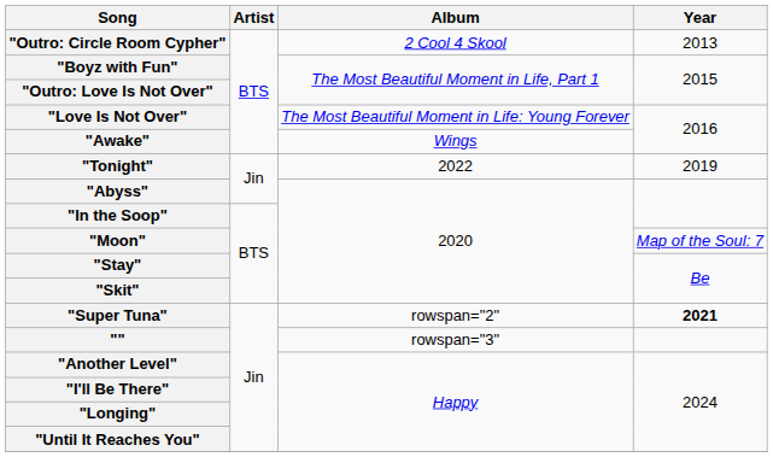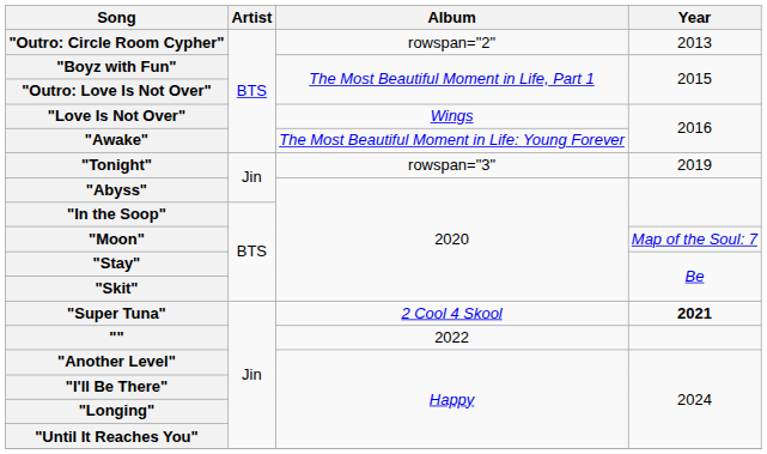 <table class="wikitable plainrowheaders sortable" style="text-align:center;">
 <tr>
 <th scope="col">Song</th>
 <th scope="col">Artist</th>
 <th scope="col">Album</th>
 <th scope="col">Year</th>
 </tr>
 <tr>
 <th scope="row">"Outro: Circle Room Cypher"</th>
 <td rowspan="5"><a href='#'>BTS</a></td>
-<td><em><a href='#'>2 Cool 4 Skool</a></em></td>
+<td>rowspan="2" </td>
 <td>2013</td>
 </tr>
 <tr>
 <th scope="row">"Boyz with Fun"</th>
 <td rowspan="2"><em><a href='#'>The Most Beautiful Moment in Life, Part 1</a></em></td>
 <td rowspan="2">2015</td>
 </tr>
 <tr>
 <th scope="row">"Outro: Love Is Not Over"</th>
 </tr>
 <tr>
 <th scope="row">"Love Is Not Over"</th>
-<td><em><a href='#'>The Most Beautiful Moment in Life: Young Forever</a></em></td>
+<td><em><a href='#'>Wings</a></em></td>
 <td rowspan="2">2016</td>
 </tr>
 <tr>
 <th scope="row">"Awake"</th>
-<td><em><a href='#'>Wings</a></em></td>
+<td><em><a href='#'>The Most Beautiful Moment in Life: Young Forever</a></em></td>
 </tr>
 <tr>
 <th scope="row">"Tonight"</th>
 <td rowspan="2">Jin</td>
-<td>2022</td>
+<td>rowspan="3" </td>
 <td>2019</td>
 </tr>
 <tr>
 <th scope="row">"Abyss"</th>
 <td rowspan="5">2020</td>
 </tr>
 <tr>
 <th scope="row">"In the Soop"</th>
 <td rowspan="4">BTS</td>
 </tr>
 <tr>
 <th scope="row">"Moon"</th>
 <td><em><a href='#'>Map of the Soul: 7</a></em></td>
 </tr>
 <tr>
 <th scope="row">"Stay"</th>
 <td rowspan="2"><em><a href='#'>Be</a></em></td>
 </tr>
 <tr>
 <th scope="row">"Skit"</th>
 </tr>
 <tr>
 <th scope="row">"Super Tuna"</th>
 <td rowspan="6">Jin</td>
-<td>rowspan="2" </td>
+<td><em><a href='#'>2 Cool 4 Skool</a></em></td>
 <td><strong>2021</strong></td>
 </tr>
 <tr>
 <th scope="row">""</th>
-<td>rowspan="3" </td>
+<td>2022</td>
 </tr>
 <tr>
 <th scope="row">"Another Level"</th>
 <td rowspan="4"><em><a href='#'>Happy</a></em></td>
 <td rowspan="4">2024</td>
 </tr>
 <tr>
 <th scope="row">"I'll Be There"</th>
 </tr>
 <tr>
 <th scope="row">"Longing"</th>
 </tr>
 <tr>
 <th scope="row">"Until It Reaches You"</th>
 </tr>
 <tr>
 </tr>
 </table>
